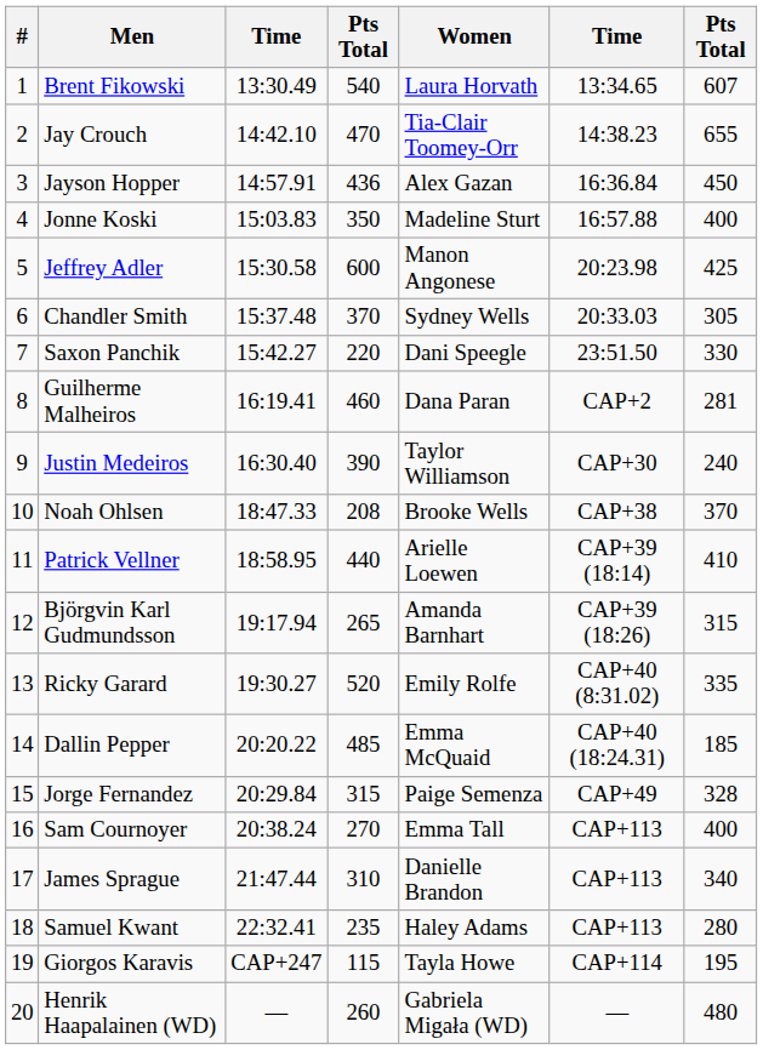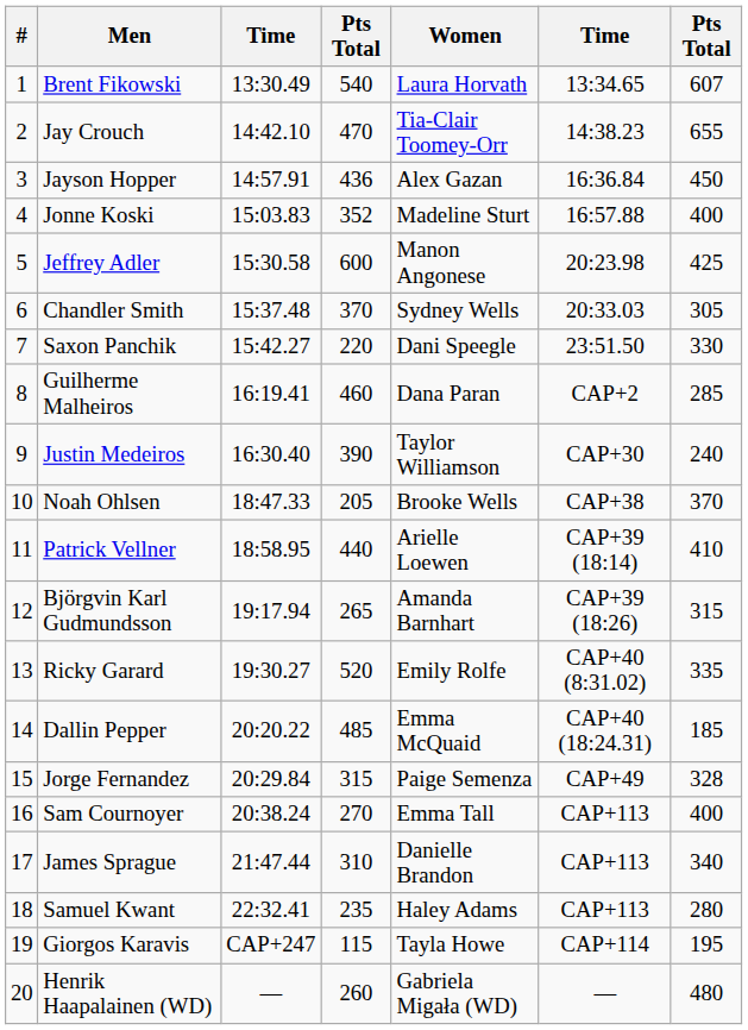 <table class="wikitable sortable" style="display: inline-table;width: 85%; text-align:center">
 <tr>
 <th>#</th>
 <th>Men</th>
 <th>Time</th>
 <th>Pts Total</th>
 <th>Women</th>
 <th>Time</th>
 <th>Pts Total</th>
 </tr>
 <tr>
 <td>1</td>
 <td align=left> <a href='#'>Brent Fikowski</a></td>
 <td>13:30.49</td>
 <td>540</td>
 <td align=left> <a href='#'>Laura Horvath</a></td>
 <td>13:34.65</td>
 <td>607</td>
 </tr>
 <tr>
 <td>2</td>
 <td align=left> Jay Crouch</td>
 <td>14:42.10</td>
 <td>470</td>
 <td align=left> <a href='#'>Tia-Clair Toomey-Orr</a></td>
 <td>14:38.23</td>
 <td>655</td>
 </tr>
 <tr>
 <td>3</td>
 <td align=left> Jayson Hopper</td>
 <td>14:57.91</td>
 <td>436</td>
 <td align=left> Alex Gazan</td>
 <td>16:36.84</td>
 <td>450</td>
 </tr>
 <tr>
 <td>4</td>
 <td align=left> Jonne Koski</td>
 <td>15:03.83</td>
-<td>350</td>
+<td>352</td>
 <td align=left> Madeline Sturt</td>
 <td>16:57.88</td>
 <td>400</td>
 </tr>
 <tr>
 <td>5</td>
 <td align=left> <a href='#'>Jeffrey Adler</a></td>
 <td>15:30.58</td>
 <td>600</td>
 <td align=left> Manon Angonese</td>
 <td>20:23.98</td>
 <td>425</td>
 </tr>
 <tr>
 <td>6</td>
 <td align=left> Chandler Smith</td>
 <td>15:37.48</td>
 <td>370</td>
 <td align=left> Sydney Wells</td>
 <td>20:33.03</td>
 <td>305</td>
 </tr>
 <tr>
 <td>7</td>
 <td align=left> Saxon Panchik</td>
 <td>15:42.27</td>
 <td>220</td>
 <td align=left> Dani Speegle</td>
 <td>23:51.50</td>
 <td>330</td>
 </tr>
 <tr>
 <td>8</td>
 <td align=left> Guilherme Malheiros</td>
 <td>16:19.41</td>
 <td>460</td>
 <td align=left> Dana Paran</td>
 <td>CAP+2</td>
-<td>281</td>
+<td>285</td>
 </tr>
 <tr>
 <td>9</td>
 <td align=left> <a href='#'>Justin Medeiros</a></td>
 <td>16:30.40</td>
 <td>390</td>
 <td align=left> Taylor Williamson</td>
 <td>CAP+30</td>
 <td>240</td>
 </tr>
 <tr>
 <td>10</td>
 <td align=left> Noah Ohlsen</td>
 <td>18:47.33</td>
-<td>208</td>
+<td>205</td>
 <td align=left> Brooke Wells</td>
 <td>CAP+38</td>
 <td>370</td>
 </tr>
 <tr>
 <td>11</td>
 <td align=left> <a href='#'>Patrick Vellner</a></td>
 <td>18:58.95</td>
 <td>440</td>
 <td align=left> Arielle Loewen</td>
 <td>CAP+39 (18:14)</td>
 <td>410</td>
 </tr>
 <tr>
 <td>12</td>
 <td align=left> Björgvin Karl Gudmundsson</td>
 <td>19:17.94</td>
 <td>265</td>
 <td align=left> Amanda Barnhart</td>
 <td>CAP+39 (18:26)</td>
 <td>315</td>
 </tr>
 <tr>
 <td>13</td>
 <td align=left> Ricky Garard</td>
 <td>19:30.27</td>
 <td>520</td>
 <td align=left> Emily Rolfe</td>
 <td>CAP+40  (8:31.02)</td>
 <td>335</td>
 </tr>
 <tr>
 <td>14</td>
 <td align=left> Dallin Pepper</td>
 <td>20:20.22</td>
 <td>485</td>
 <td align=left> Emma McQuaid</td>
 <td>CAP+40 (18:24.31)</td>
 <td>185</td>
 </tr>
 <tr>
 <td>15</td>
 <td align=left> Jorge Fernandez</td>
 <td>20:29.84</td>
 <td>315</td>
 <td align=left> Paige Semenza</td>
 <td>CAP+49</td>
 <td>328</td>
 </tr>
 <tr>
 <td>16</td>
 <td align=left> Sam Cournoyer</td>
 <td>20:38.24</td>
 <td>270</td>
 <td align=left> Emma Tall</td>
 <td>CAP+113</td>
 <td>400</td>
 </tr>
 <tr>
 <td>17</td>
 <td align=left> James Sprague</td>
 <td>21:47.44</td>
 <td>310</td>
 <td align=left> Danielle Brandon</td>
 <td>CAP+113</td>
 <td>340</td>
 </tr>
 <tr>
 <td>18</td>
 <td align=left> Samuel Kwant</td>
 <td>22:32.41</td>
 <td>235</td>
 <td align=left> Haley Adams</td>
 <td>CAP+113</td>
 <td>280</td>
 </tr>
 <tr>
 <td>19</td>
 <td align=left> Giorgos Karavis</td>
 <td>CAP+247</td>
 <td>115</td>
 <td align=left> Tayla Howe</td>
 <td>CAP+114</td>
 <td>195</td>
 </tr>
 <tr>
 <td>20</td>
 <td align=left> Henrik Haapalainen (WD)</td>
 <td>—</td>
 <td>260</td>
 <td align=left> Gabriela Migała (WD)</td>
 <td>—</td>
 <td>480</td>
 </tr>
 </table>
